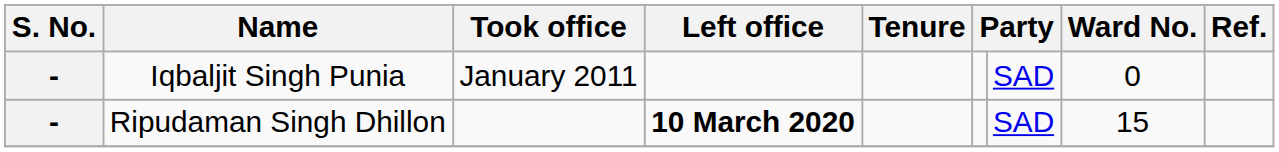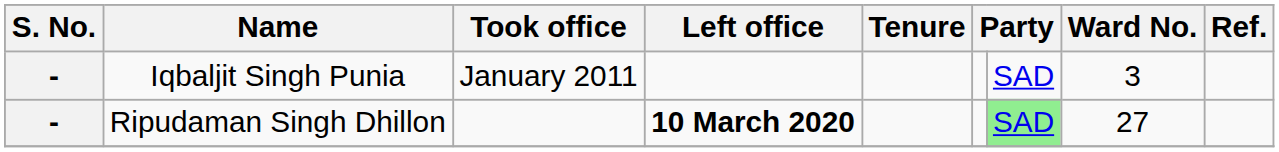 <table class="wikitable" style="text-align:center">
 <tr>
 <th>S. No.</th>
 <th>Name</th>
 <th>Took office</th>
 <th>Left office</th>
 <th>Tenure</th>
 <th colspan=2>Party</th>
 <th>Ward No.</th>
 <th>Ref.</th>
 </tr>
 <tr>
 <th>-</th>
 <td>Iqbaljit Singh Punia</td>
 <td>January 2011</td>
 <td></td>
 <td></td>
 <td></td>
 <td><a href='#'>SAD</a></td>
-<td>0</td>
+<td>3</td>
 <td></td>
 </tr>
 <tr>
 <th>-</th>
 <td>Ripudaman Singh Dhillon</td>
 <td></td>
 <td><strong>10 March 2020</strong></td>
 <td></td>
 <td></td>
-<td><a href='#'>SAD</a></td>
-<td>15</td>
+<td style="background: lightgreen;"><a href='#'>SAD</a></td>
+<td>27</td>
 <td></td>
 </tr>
 <tr>
 </tr>
 </table>
